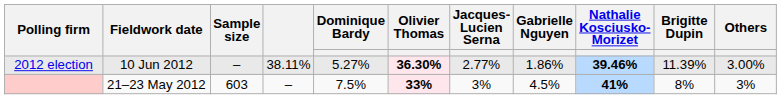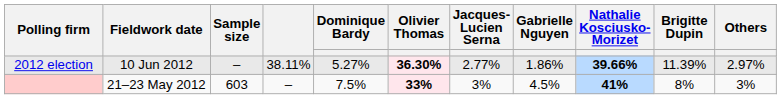 <table class="wikitable sortable" style="text-align:center;font-size:90%;line-height:14px;">
 <tr style="height:40px;">
 <th style="width:100px;" rowspan="2">Polling firm</th>
 <th style="width:110px;" rowspan="2">Fieldwork date</th>
 <th style="width:35px;" rowspan="2">Sample<br>size</th>
 <th style="width:30px;" rowspan="2"></th>
 <th class="unsortable" style="width:60px;">Dominique Bardy<br></th>
 <th class="unsortable" style="width:60px;">Olivier Thomas<br></th>
 <th class="unsortable" style="width:60px;">Jacques-Lucien Serna<br></th>
 <th class="unsortable" style="width:60px;">Gabrielle Nguyen<br></th>
 <th class="unsortable" style="width:60px;"><a href='#'>Nathalie Kosciusko-Morizet</a><br></th>
 <th class="unsortable" style="width:60px;">Brigitte Dupin<br></th>
 <th class="unsortable" style="width:60px;">Others</th>
 </tr>
 <tr>
 <th style="background:"></th>
 <th style="background:"></th>
 <th style="background:"></th>
 <th style="background:"></th>
 <th style="background:"></th>
 <th style="background:"></th>
 <th style="background:"></th>
 </tr>
 <tr style="background:#E9E9E9;">
 <td><a href='#'>2012 election</a></td>
 <td data-sort-value="2012-06-10">10 Jun 2012</td>
 <td>–</td>
 <td>38.11%</td>
 <td>5.27%</td>
 <td style="background:#FFE6EC;"><strong>36.30%</strong></td>
 <td>2.77%</td>
 <td>1.86%</td>
-<td style="background:#B9DAFF;"><strong>39.46%</strong></td>
+<td style="background:#B9DAFF;"><strong>39.66%</strong></td>
 <td>11.39%</td>
-<td>3.00%</td>
+<td>2.97%</td>
 </tr>
 <tr>
 <td style="background:#FFCCCC;"></td>
 <td data-sort-value="2012-05-23">21–23 May 2012</td>
 <td>603</td>
 <td>–</td>
 <td>7.5%</td>
 <td style="background:#FFE6EC;"><strong>33%</strong></td>
 <td>3%</td>
 <td>4.5%</td>
 <td style="background:#B9DAFF;"><strong>41%</strong></td>
 <td>8%</td>
 <td>3%</td>
 </tr>
 </table>
